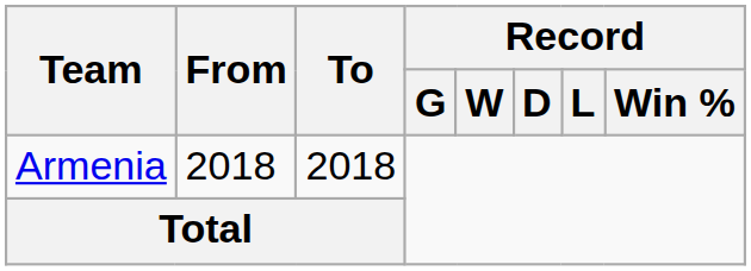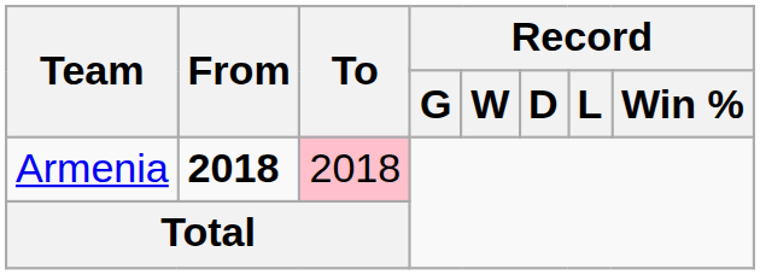 <table class="wikitable" style="text-align: center">
 <tr>
 <th rowspan="2">Team</th>
 <th rowspan="2">From</th>
 <th rowspan="2">To</th>
 <th colspan="5">Record</th>
 </tr>
 <tr>
 <th>G</th>
 <th>W</th>
 <th>D</th>
 <th>L</th>
 <th>Win %</th>
 </tr>
 <tr>
 <td align=left><a href='#'>Armenia</a></td>
-<td align=left>2018</td>
-<td align=left>2018<br></td>
+<td align=left><strong>2018</strong></td>
+<td align=left style="background: pink;">2018<br></td>
 </tr>
 <tr>
 <th colspan="3">Total<br></th>
 </tr>
 </table>
